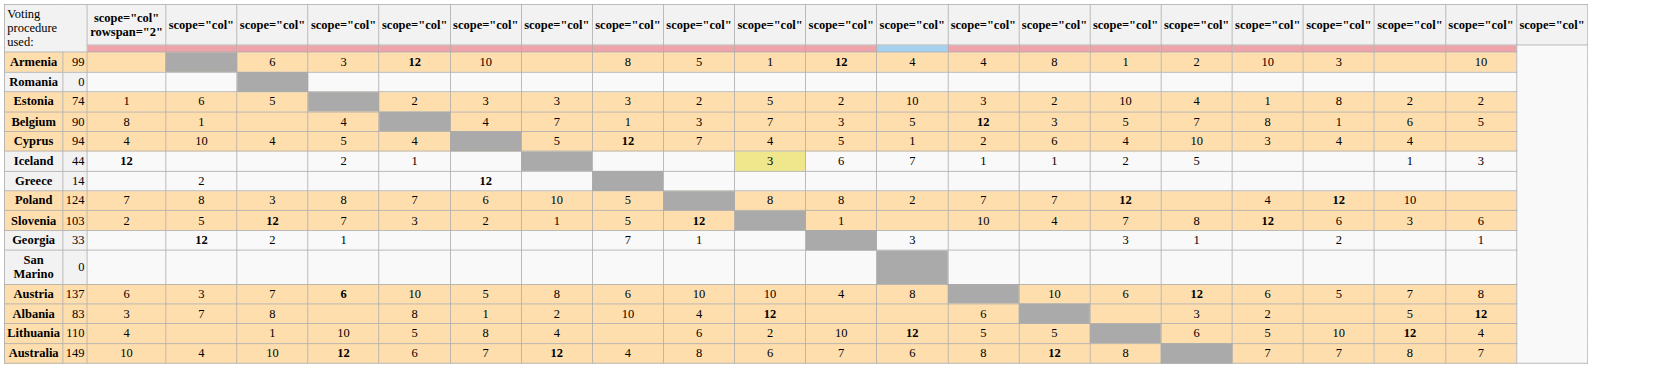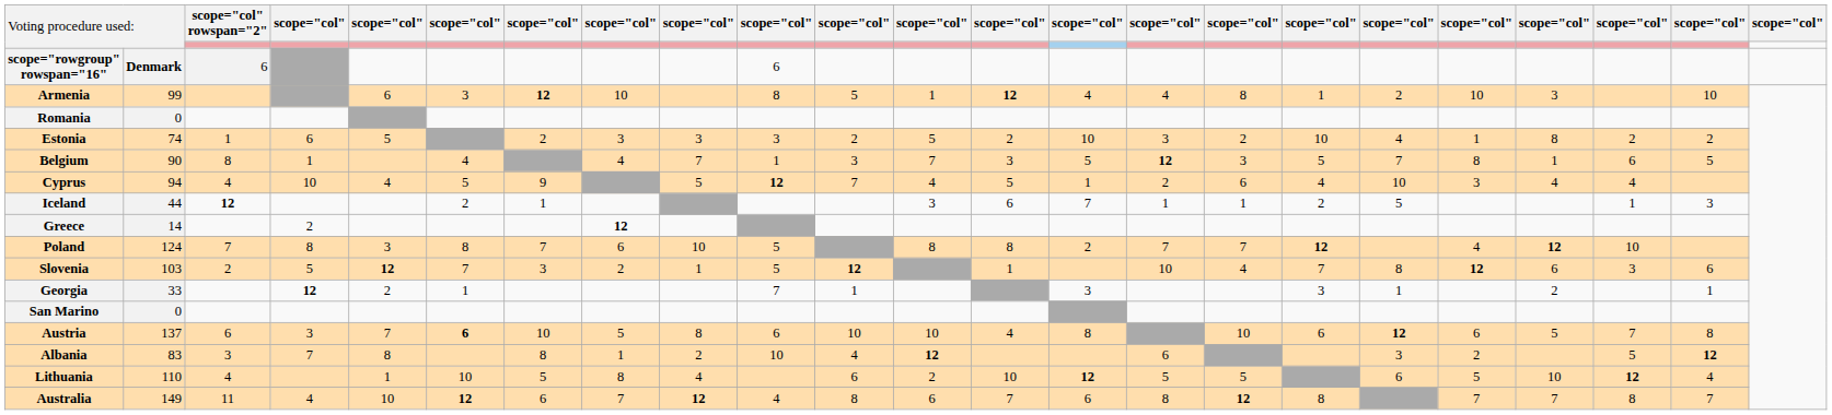 <table class="wikitable plainrowheaders" style="text-align: center;">
 <tr>
 <td colspan="2" rowspan="2" style="text-align: left; background: #F2F2F2;">Voting procedure used:<br></td>
 <th>scope="col" rowspan="2" </th>
 <th>scope="col" </th>
 <th>scope="col" </th>
 <th>scope="col" </th>
 <th>scope="col" </th>
 <th>scope="col" </th>
 <th>scope="col" </th>
 <th>scope="col" </th>
 <th>scope="col" </th>
 <th>scope="col" </th>
 <th>scope="col" </th>
 <th>scope="col" </th>
 <th>scope="col" </th>
 <th>scope="col" </th>
 <th>scope="col" </th>
 <th>scope="col" </th>
 <th>scope="col" </th>
 <th>scope="col" </th>
 <th>scope="col" </th>
 <th>scope="col" </th>
 <th>scope="col" </th>
 </tr>
 <tr>
 <td style="background: #EFA4A9;"></td>
 <td style="background: #EFA4A9;"></td>
 <td style="background: #EFA4A9;"></td>
 <td style="background: #EFA4A9;"></td>
 <td style="background: #EFA4A9;"></td>
 <td style="background: #EFA4A9;"></td>
 <td style="background: #EFA4A9;"></td>
 <td style="background: #EFA4A9;"></td>
 <td style="background: #EFA4A9;"></td>
 <td style="background: #EFA4A9;"></td>
 <td style="background: #EFA4A9;"></td>
 <td style="background: #A4D1EF;"></td>
 <td style="background: #EFA4A9;"></td>
 <td style="background: #EFA4A9;"></td>
 <td style="background: #EFA4A9;"></td>
 <td style="background: #EFA4A9;"></td>
 <td style="background: #EFA4A9;"></td>
 <td style="background: #EFA4A9;"></td>
 <td style="background: #EFA4A9;"></td>
 <td style="background: #EFA4A9;"></td>
+</tr>
+<tr>
+<th>scope="rowgroup" rowspan="16" </th>
+<th scope="row" style="background: #f2f2f2;">Denmark</th>
+<td style="text-align: right; background: #f2f2f2;">6</td>
+<td style="background: #aaa;"></td>
+<td></td>
+<td></td>
+<td></td>
+<td></td>
+<td></td>
+<td>6</td>
+<td></td>
+<td></td>
+<td></td>
+<td></td>
+<td></td>
+<td></td>
+<td></td>
+<td></td>
+<td></td>
+<td></td>
+<td></td>
+<td></td>
+<td></td>
 </tr>
 <tr style="background:#ffdead;">
 <th scope="row" style="background:#ffdead;">Armenia</th>
 <td style="text-align: right;">99</td>
 <td></td>
 <td style="background: #aaa;"></td>
 <td>6</td>
 <td>3</td>
 <td><strong>12</strong></td>
 <td>10</td>
 <td></td>
 <td>8</td>
 <td>5</td>
 <td>1</td>
 <td><strong>12</strong></td>
 <td>4</td>
 <td>4</td>
 <td>8</td>
 <td>1</td>
 <td>2</td>
 <td>10</td>
 <td>3</td>
 <td></td>
 <td>10</td>
 </tr>
 <tr>
 <th scope="row" style="background: #f2f2f2;">Romania</th>
 <td style="text-align: right; background: #f2f2f2;">0</td>
 <td></td>
 <td></td>
 <td style="background: #aaa;"></td>
 <td></td>
 <td></td>
 <td></td>
 <td></td>
 <td></td>
 <td></td>
 <td></td>
 <td></td>
 <td></td>
 <td></td>
 <td></td>
 <td></td>
 <td></td>
 <td></td>
 <td></td>
 <td></td>
 <td></td>
 </tr>
 <tr style="background:#ffdead;">
 <th scope="row" style="background:#ffdead;">Estonia</th>
 <td style="text-align: right;">74</td>
 <td>1</td>
 <td>6</td>
 <td>5</td>
 <td style="background: #aaa;"></td>
 <td>2</td>
 <td>3</td>
 <td>3</td>
 <td>3</td>
 <td>2</td>
 <td>5</td>
 <td>2</td>
 <td>10</td>
 <td>3</td>
 <td>2</td>
 <td>10</td>
 <td>4</td>
 <td>1</td>
 <td>8</td>
 <td>2</td>
 <td>2</td>
 </tr>
 <tr style="background:#ffdead;">
 <th scope="row" style="background: #ffdead;">Belgium</th>
 <td style="text-align: right;">90</td>
 <td>8</td>
 <td>1</td>
 <td></td>
 <td>4</td>
 <td style="background: #aaa;"></td>
 <td>4</td>
 <td>7</td>
 <td>1</td>
 <td>3</td>
 <td>7</td>
 <td>3</td>
 <td>5</td>
 <td><strong>12</strong></td>
 <td>3</td>
 <td>5</td>
 <td>7</td>
 <td>8</td>
 <td>1</td>
 <td>6</td>
 <td>5</td>
 </tr>
 <tr style="background:#ffdead;">
 <th scope="row" style="background: #ffdead;">Cyprus</th>
 <td style="text-align: right;">94</td>
 <td>4</td>
 <td>10</td>
 <td>4</td>
 <td>5</td>
-<td>4</td>
+<td>9</td>
 <td style="background: #aaa;"></td>
 <td>5</td>
 <td><strong>12</strong></td>
 <td>7</td>
 <td>4</td>
 <td>5</td>
 <td>1</td>
 <td>2</td>
 <td>6</td>
 <td>4</td>
 <td>10</td>
 <td>3</td>
 <td>4</td>
 <td>4</td>
 <td></td>
 </tr>
 <tr>
 <th scope="row" style="background: #f2f2f2;">Iceland</th>
 <td style="text-align: right; background: #f2f2f2;">44</td>
 <td><strong>12</strong></td>
 <td></td>
 <td></td>
 <td>2</td>
 <td>1</td>
 <td></td>
 <td style="background: #aaa;"></td>
 <td></td>
 <td></td>
-<td style="background: khaki;">3</td>
+<td>3</td>
 <td>6</td>
 <td>7</td>
 <td>1</td>
 <td>1</td>
 <td>2</td>
 <td>5</td>
 <td></td>
 <td></td>
 <td>1</td>
 <td>3</td>
 </tr>
 <tr>
 <th scope="row" style="background: #f2f2f2;">Greece</th>
 <td style="text-align: right; background: #f2f2f2;">14</td>
 <td></td>
 <td>2</td>
 <td></td>
 <td></td>
 <td></td>
 <td><strong>12</strong></td>
 <td></td>
 <td style="background: #aaa;"></td>
 <td></td>
 <td></td>
 <td></td>
 <td></td>
 <td></td>
 <td></td>
 <td></td>
 <td></td>
 <td></td>
 <td></td>
 <td></td>
 <td></td>
 </tr>
 <tr style="background:#ffdead;">
 <th scope="row" style="background: #ffdead;">Poland</th>
 <td style="text-align: right;">124</td>
 <td>7</td>
 <td>8</td>
 <td>3</td>
 <td>8</td>
 <td>7</td>
 <td>6</td>
 <td>10</td>
 <td>5</td>
 <td style="background: #aaa;"></td>
 <td>8</td>
 <td>8</td>
 <td>2</td>
 <td>7</td>
 <td>7</td>
 <td><strong>12</strong></td>
 <td></td>
 <td>4</td>
 <td><strong>12</strong></td>
 <td>10</td>
 <td></td>
 </tr>
 <tr style="background:#ffdead;">
 <th scope="row" style="background: #ffdead">Slovenia</th>
 <td style="text-align: right;">103</td>
 <td>2</td>
 <td>5</td>
 <td><strong>12</strong></td>
 <td>7</td>
 <td>3</td>
 <td>2</td>
 <td>1</td>
 <td>5</td>
 <td><strong>12</strong></td>
 <td style="background: #aaa;"></td>
 <td>1</td>
 <td></td>
 <td>10</td>
 <td>4</td>
 <td>7</td>
 <td>8</td>
 <td><strong>12</strong></td>
 <td>6</td>
 <td>3</td>
 <td>6</td>
 </tr>
 <tr>
 <th scope="row" style="background: #f2f2f2;">Georgia</th>
 <td style="text-align: right; background: #f2f2f2;">33</td>
 <td></td>
 <td><strong>12</strong></td>
 <td>2</td>
 <td>1</td>
 <td></td>
 <td></td>
 <td></td>
 <td>7</td>
 <td>1</td>
 <td></td>
 <td style="background: #aaa;"></td>
 <td>3</td>
 <td></td>
 <td></td>
 <td>3</td>
 <td>1</td>
 <td></td>
 <td>2</td>
 <td></td>
 <td>1</td>
 </tr>
 <tr>
 <th scope="row" style="background: #f2f2f2;">San Marino</th>
 <td style="text-align: right; background: #f2f2f2;">0</td>
 <td></td>
 <td></td>
 <td></td>
 <td></td>
 <td></td>
 <td></td>
 <td></td>
 <td></td>
 <td></td>
 <td></td>
 <td></td>
 <td style="background: #aaa;"></td>
 <td></td>
 <td></td>
 <td></td>
 <td></td>
 <td></td>
 <td></td>
 <td></td>
 <td></td>
 </tr>
 <tr style="background:#ffdead;">
 <th scope="row" style="background:#ffdead">Austria</th>
 <td style="text-align: right;">137</td>
 <td>6</td>
 <td>3</td>
 <td>7</td>
 <td><strong>6</strong></td>
 <td>10</td>
 <td>5</td>
 <td>8</td>
 <td>6</td>
 <td>10</td>
 <td>10</td>
 <td>4</td>
 <td>8</td>
 <td style="background: #aaa;"></td>
 <td>10</td>
 <td>6</td>
 <td><strong>12</strong></td>
 <td>6</td>
 <td>5</td>
 <td>7</td>
 <td>8</td>
 </tr>
 <tr style="background:#ffdead;">
 <th scope="row" style="background: #ffdead;">Albania</th>
 <td style="text-align: right;">83</td>
 <td>3</td>
 <td>7</td>
 <td>8</td>
 <td></td>
 <td>8</td>
 <td>1</td>
 <td>2</td>
 <td>10</td>
 <td>4</td>
 <td><strong>12</strong></td>
 <td></td>
 <td></td>
 <td>6</td>
 <td style="background: #aaa;"></td>
 <td></td>
 <td>3</td>
 <td>2</td>
 <td></td>
 <td>5</td>
 <td><strong>12</strong></td>
 </tr>
 <tr style="background:#ffdead;">
 <th scope="row" style="background: #ffdead;">Lithuania</th>
 <td style="text-align: right;">110</td>
 <td>4</td>
 <td></td>
 <td>1</td>
 <td>10</td>
 <td>5</td>
 <td>8</td>
 <td>4</td>
 <td></td>
 <td>6</td>
 <td>2</td>
 <td>10</td>
 <td><strong>12</strong></td>
 <td>5</td>
 <td>5</td>
 <td style="background: #aaa;"></td>
 <td>6</td>
 <td>5</td>
 <td>10</td>
 <td><strong>12</strong></td>
 <td>4</td>
 </tr>
 <tr style="background:#ffdead;">
 <th scope="row" style="background: #ffdead;">Australia</th>
 <td style="text-align: right;">149</td>
-<td>10</td>
+<td>11</td>
 <td>4</td>
 <td>10</td>
 <td><strong>12</strong></td>
 <td>6</td>
 <td>7</td>
 <td><strong>12</strong></td>
 <td>4</td>
 <td>8</td>
 <td>6</td>
 <td>7</td>
 <td>6</td>
 <td>8</td>
 <td><strong>12</strong></td>
 <td>8</td>
 <td style="background: #aaa;"></td>
 <td>7</td>
 <td>7</td>
 <td>8</td>
 <td>7</td>
 </tr>
 </table>
